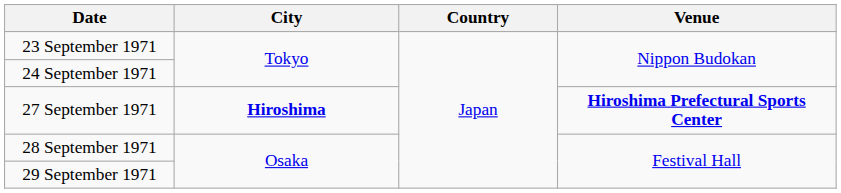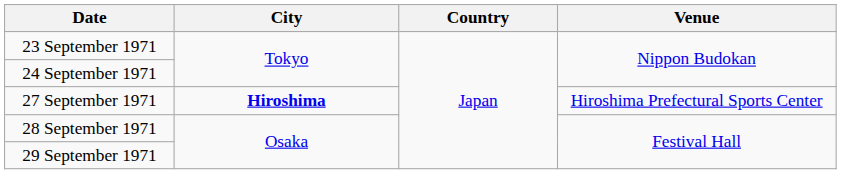 <table class="wikitable" style="text-align:center;">
 <tr>
 <th style="width:150px;">Date</th>
 <th style="width:200px;">City</th>
 <th style="width:140px;">Country</th>
 <th style="width:250px;">Venue</th>
 </tr>
 <tr>
 <td>23 September 1971</td>
 <td rowspan="2"><a href='#'>Tokyo</a></td>
 <td rowspan="5"><a href='#'>Japan</a></td>
 <td rowspan="2"><a href='#'>Nippon Budokan</a></td>
 </tr>
 <tr>
 <td>24 September 1971</td>
 </tr>
 <tr>
 <td>27 September 1971</td>
 <td><strong><a href='#'>Hiroshima</a></strong></td>
-<td><strong><a href='#'>Hiroshima Prefectural Sports Center</a></strong></td>
+<td><a href='#'>Hiroshima Prefectural Sports Center</a></td>
 </tr>
 <tr>
 <td>28 September 1971</td>
 <td rowspan="2"><a href='#'>Osaka</a></td>
 <td rowspan="2"><a href='#'>Festival Hall</a></td>
 </tr>
 <tr>
 <td>29 September 1971</td>
 </tr>
 </table>
